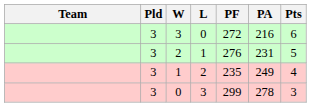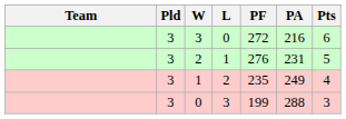 <table class="wikitable" style="text-align:center;">
 <tr>
 <th width=170>Team</th>
 <th width=25>Pld</th>
 <th width=25>W</th>
 <th width=25>L</th>
 <th width=35>PF</th>
 <th width=35>PA</th>
 <th width=25>Pts</th>
 </tr>
 <tr bgcolor=#ccffcc>
 <td align="left"></td>
 <td>3</td>
 <td>3</td>
 <td>0</td>
 <td>272</td>
 <td>216</td>
 <td>6</td>
 </tr>
 <tr bgcolor=#ccffcc>
 <td align="left"></td>
 <td>3</td>
 <td>2</td>
 <td>1</td>
 <td>276</td>
 <td>231</td>
 <td>5</td>
 </tr>
 <tr bgcolor=#ffcccc>
 <td align="left"></td>
 <td>3</td>
 <td>1</td>
 <td>2</td>
 <td>235</td>
 <td>249</td>
 <td>4</td>
 </tr>
 <tr bgcolor=#ffcccc>
 <td align="left"></td>
 <td>3</td>
 <td>0</td>
 <td>3</td>
-<td>299</td>
-<td>278</td>
+<td>199</td>
+<td>288</td>
 <td>3</td>
 </tr>
 </table>
